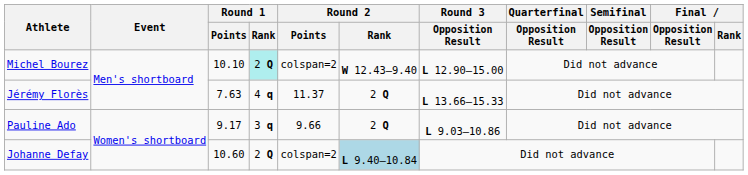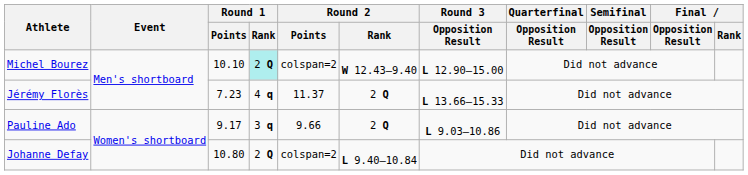 <table class="wikitable" style="font-size:90%">
 <tr>
 <th rowspan=2>Athlete</th>
 <th rowspan=2>Event</th>
 <th colspan=2>Round 1</th>
 <th colspan=2>Round 2</th>
 <th>Round 3</th>
 <th>Quarterfinal</th>
 <th>Semifinal</th>
 <th colspan=2>Final / </th>
 </tr>
 <tr style="font-size: 95%">
 <th>Points</th>
 <th>Rank</th>
 <th>Points</th>
 <th>Rank</th>
 <th>Opposition<br>Result</th>
 <th>Opposition<br>Result</th>
 <th>Opposition<br>Result</th>
 <th>Opposition<br>Result</th>
 <th>Rank</th>
 </tr>
 <tr align=center>
 <td align=left><a href='#'>Michel Bourez</a></td>
 <td align=left rowspan=2><a href='#'>Men's shortboard</a></td>
 <td>10.10</td>
 <td style="background: paleturquoise;">2 <strong>Q</strong></td>
 <td>colspan=2 </td>
 <td><br> <strong>W</strong> 12.43—9.40</td>
 <td><br> <strong>L</strong> 12.90—15.00</td>
 <td colspan=3>Did not advance</td>
 </tr>
 <tr align=center>
 <td align=left><a href='#'>Jérémy Florès</a></td>
-<td>7.63</td>
+<td>7.23</td>
 <td>4 <strong>q</strong></td>
 <td>11.37</td>
 <td>2 <strong>Q</strong></td>
 <td><br> <strong>L</strong> 13.66—15.33</td>
 <td colspan=4>Did not advance</td>
 </tr>
 <tr align=center>
 <td align=left><a href='#'>Pauline Ado</a></td>
 <td align=left rowspan=2><a href='#'>Women's shortboard</a></td>
 <td>9.17</td>
 <td>3 <strong>q</strong></td>
 <td>9.66</td>
 <td>2 <strong>Q</strong></td>
 <td><br> <strong>L</strong> 9.03—10.86</td>
 <td colspan=4>Did not advance</td>
 </tr>
 <tr align=center>
 <td align=left><a href='#'>Johanne Defay</a></td>
-<td>10.60</td>
+<td>10.80</td>
 <td>2 <strong>Q</strong></td>
 <td>colspan=2 </td>
-<td style="background: lightblue;"><br> <strong>L</strong> 9.40—10.84</td>
+<td><br> <strong>L</strong> 9.40—10.84</td>
 <td colspan=4>Did not advance</td>
 </tr>
 </table>
